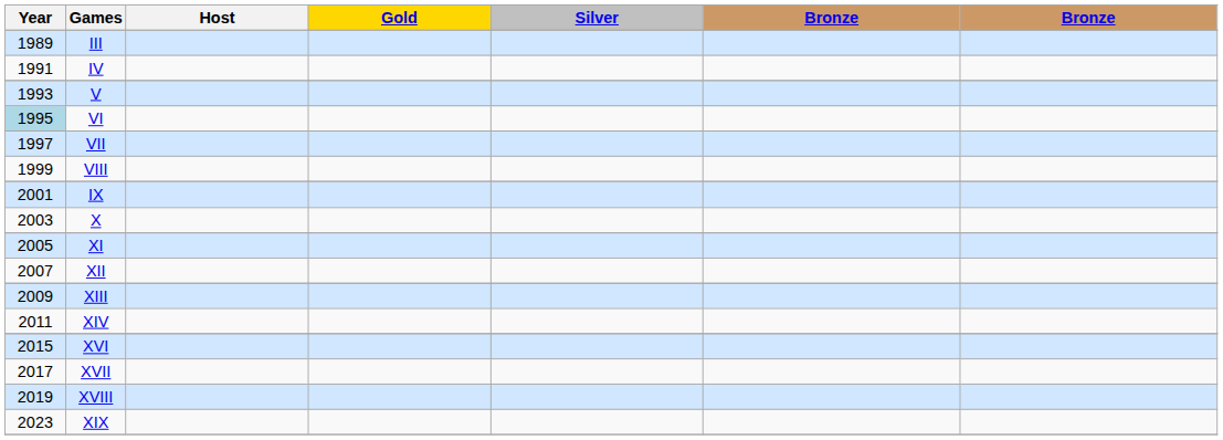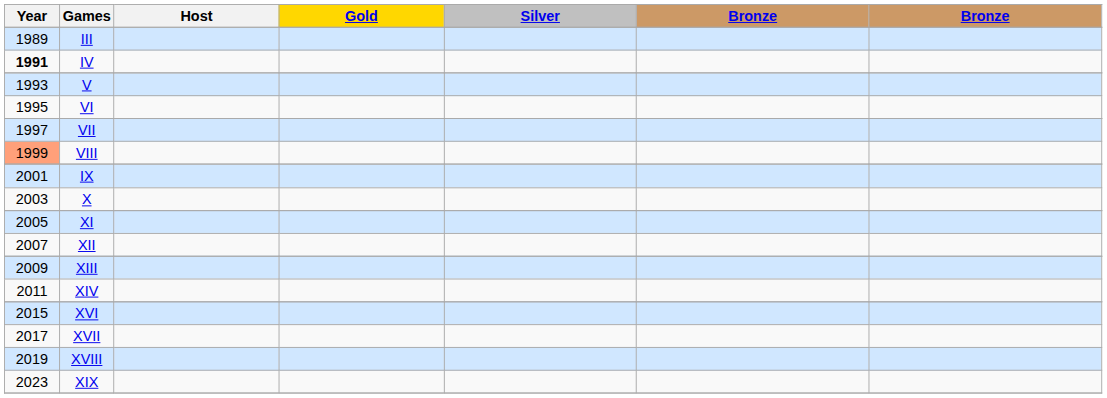 <table class="wikitable" style="text-align: center; font-size:95%;">
 <tr>
 <th rowspan="2" style="width:5%;">Year</th>
 <th rowspan="2" style="width:5%;">Games</th>
 <th rowspan="2" style="width:15%;">Host</th>
 </tr>
 <tr>
 <th style="background-color: gold"><a href='#'>Gold</a></th>
 <th style="background-color: silver"><a href='#'>Silver</a></th>
 <th style="background-color: #CC9966"><a href='#'>Bronze</a></th>
 <th style="background-color: #CC9966"><a href='#'>Bronze</a></th>
 </tr>
 <tr>
 </tr>
 <tr style="text-align:center; background:#d0e7ff;">
 <td>1989</td>
 <td align=center><a href='#'>III</a></td>
 <td align="left"></td>
 <td align="left"></td>
 <td align="left"></td>
 <td align="left"></td>
 <td></td>
 </tr>
 <tr>
-<td>1991</td>
+<td><strong>1991</strong></td>
 <td align=center><a href='#'>IV</a></td>
 <td align="left"></td>
 <td align="left"></td>
 <td align="left"></td>
 <td align="left"></td>
 <td></td>
 </tr>
 <tr>
 </tr>
 <tr style="text-align:center; background:#d0e7ff;">
 <td>1993</td>
 <td align=center><a href='#'>V</a></td>
 <td align="left"></td>
 <td align="left"></td>
 <td align="left"></td>
 <td align="left"></td>
 <td></td>
 </tr>
 <tr>
-<td style="background: lightblue;">1995</td>
+<td>1995</td>
 <td align=center><a href='#'>VI</a></td>
 <td align="left"></td>
 <td align="left"></td>
 <td align="left"></td>
 <td align="left"></td>
 <td align="left"></td>
 </tr>
 <tr>
 </tr>
 <tr style="text-align:center; background:#d0e7ff;">
 <td>1997</td>
 <td align=center><a href='#'>VII</a></td>
 <td align="left"></td>
 <td align="left"></td>
 <td align="left"></td>
 <td align="left"></td>
 <td align="left"></td>
 </tr>
 <tr>
-<td>1999</td>
+<td style="background: lightsalmon;">1999</td>
 <td align=center><a href='#'>VIII</a></td>
 <td align="left"></td>
 <td align="left"></td>
 <td align="left"></td>
 <td align="left"></td>
 <td align="left"></td>
 </tr>
 <tr>
 </tr>
 <tr style="text-align:center; background:#d0e7ff;">
 <td>2001</td>
 <td align=center><a href='#'>IX</a></td>
 <td align="left"></td>
 <td align="left"></td>
 <td align="left"></td>
 <td align="left"></td>
 <td align="left"></td>
 </tr>
 <tr>
 <td>2003</td>
 <td align=center><a href='#'>X</a></td>
 <td align="left"></td>
 <td align="left"></td>
 <td align="left"></td>
 <td align="left"></td>
 <td align="left"></td>
 </tr>
 <tr>
 </tr>
 <tr style="text-align:center; background:#d0e7ff;">
 <td>2005</td>
 <td align=center><a href='#'>XI</a></td>
 <td align="left"></td>
 <td align="left"></td>
 <td align="left"></td>
 <td align="left"></td>
 <td align="left"></td>
 </tr>
 <tr>
 <td>2007</td>
 <td align=center><a href='#'>XII</a></td>
 <td align="left"></td>
 <td align="left"></td>
 <td align="left"></td>
 <td align="left"></td>
 <td align="left"> </td>
 </tr>
 <tr>
 </tr>
 <tr style="text-align:center; background:#d0e7ff;">
 <td>2009</td>
 <td align=center><a href='#'>XIII</a></td>
 <td align="left"></td>
 <td align="left"></td>
 <td align="left"></td>
 <td align="left"></td>
 <td align="left"></td>
 </tr>
 <tr>
 <td>2011</td>
 <td align=center><a href='#'>XIV</a></td>
 <td align="left"></td>
 <td align="left"></td>
 <td align="left"></td>
 <td align="left"></td>
 <td align="left"></td>
 </tr>
 <tr>
 </tr>
 <tr style="text-align:center; background:#d0e7ff;">
 <td>2015</td>
 <td align=center><a href='#'>XVI</a></td>
 <td align="left"></td>
 <td align="left"></td>
 <td align="left"></td>
 <td align="left"></td>
 <td></td>
 </tr>
 <tr>
 <td>2017</td>
 <td align=center><a href='#'>XVII</a></td>
 <td align="left"></td>
 <td align="left"></td>
 <td align="left"></td>
 <td align="left"></td>
 <td align="left"></td>
 </tr>
 <tr style="text-align:center; background:#d0e7ff;">
 <td>2019</td>
 <td align=center><a href='#'>XVIII</a></td>
 <td align="left"></td>
 <td align="left"></td>
 <td align="left"></td>
 <td align="left"></td>
 <td align="left"></td>
 </tr>
 <tr>
 <td>2023</td>
 <td align=center><a href='#'>XIX</a></td>
 <td align="left"></td>
 <td align="left"></td>
 <td align="left"></td>
 <td align="left"></td>
 <td align="left"></td>
 </tr>
 <tr>
 </tr>
 </table>
